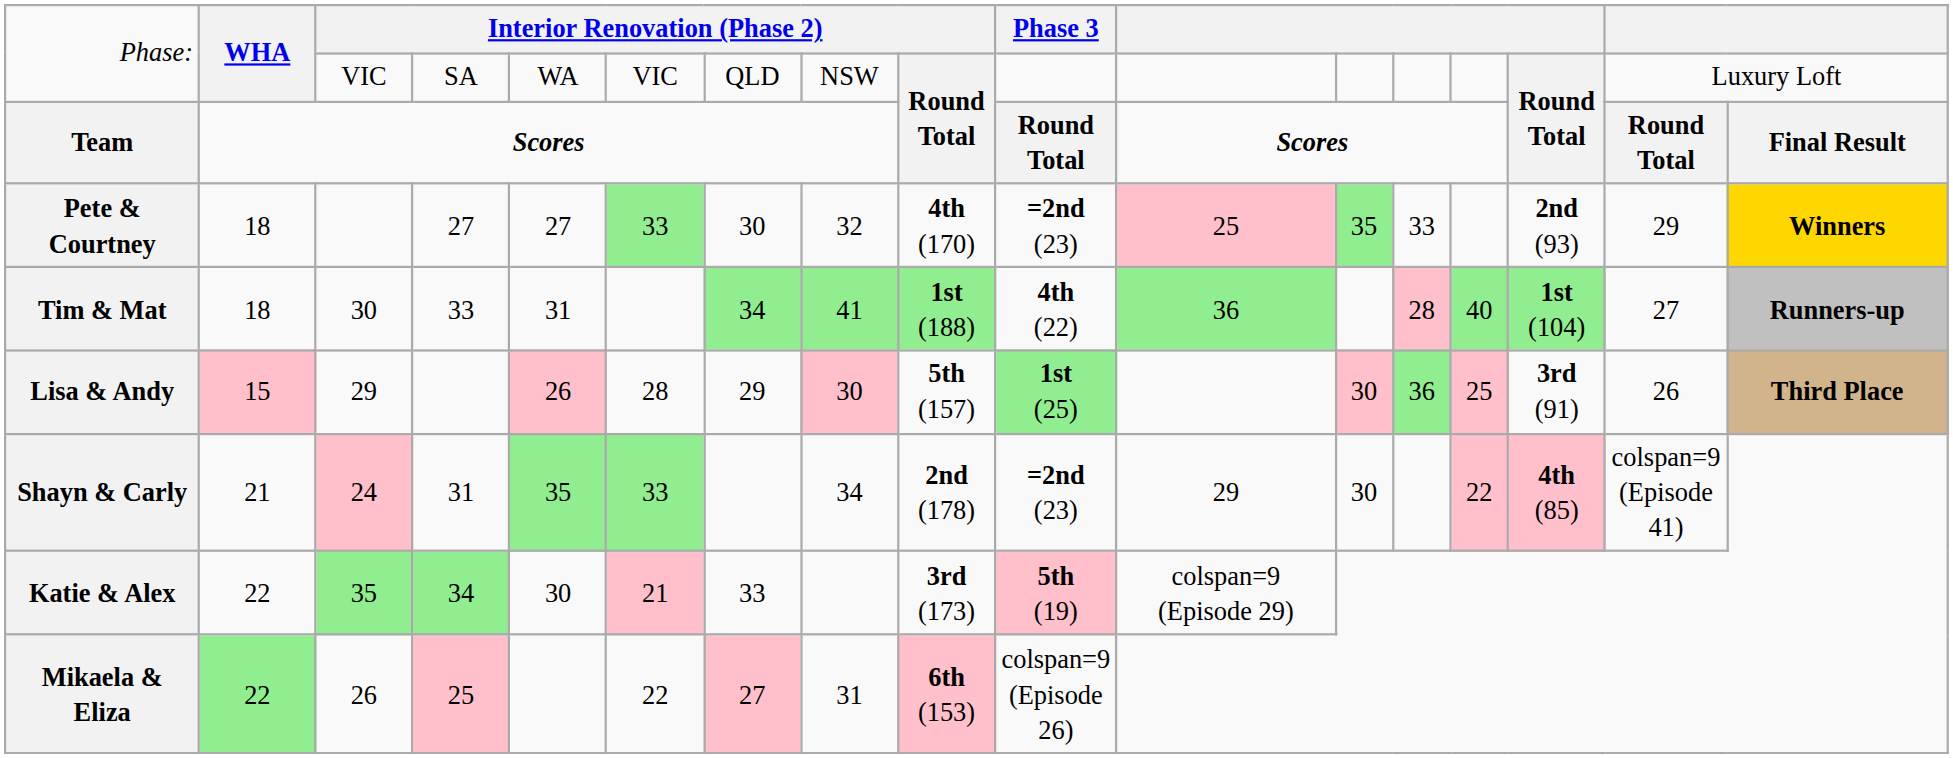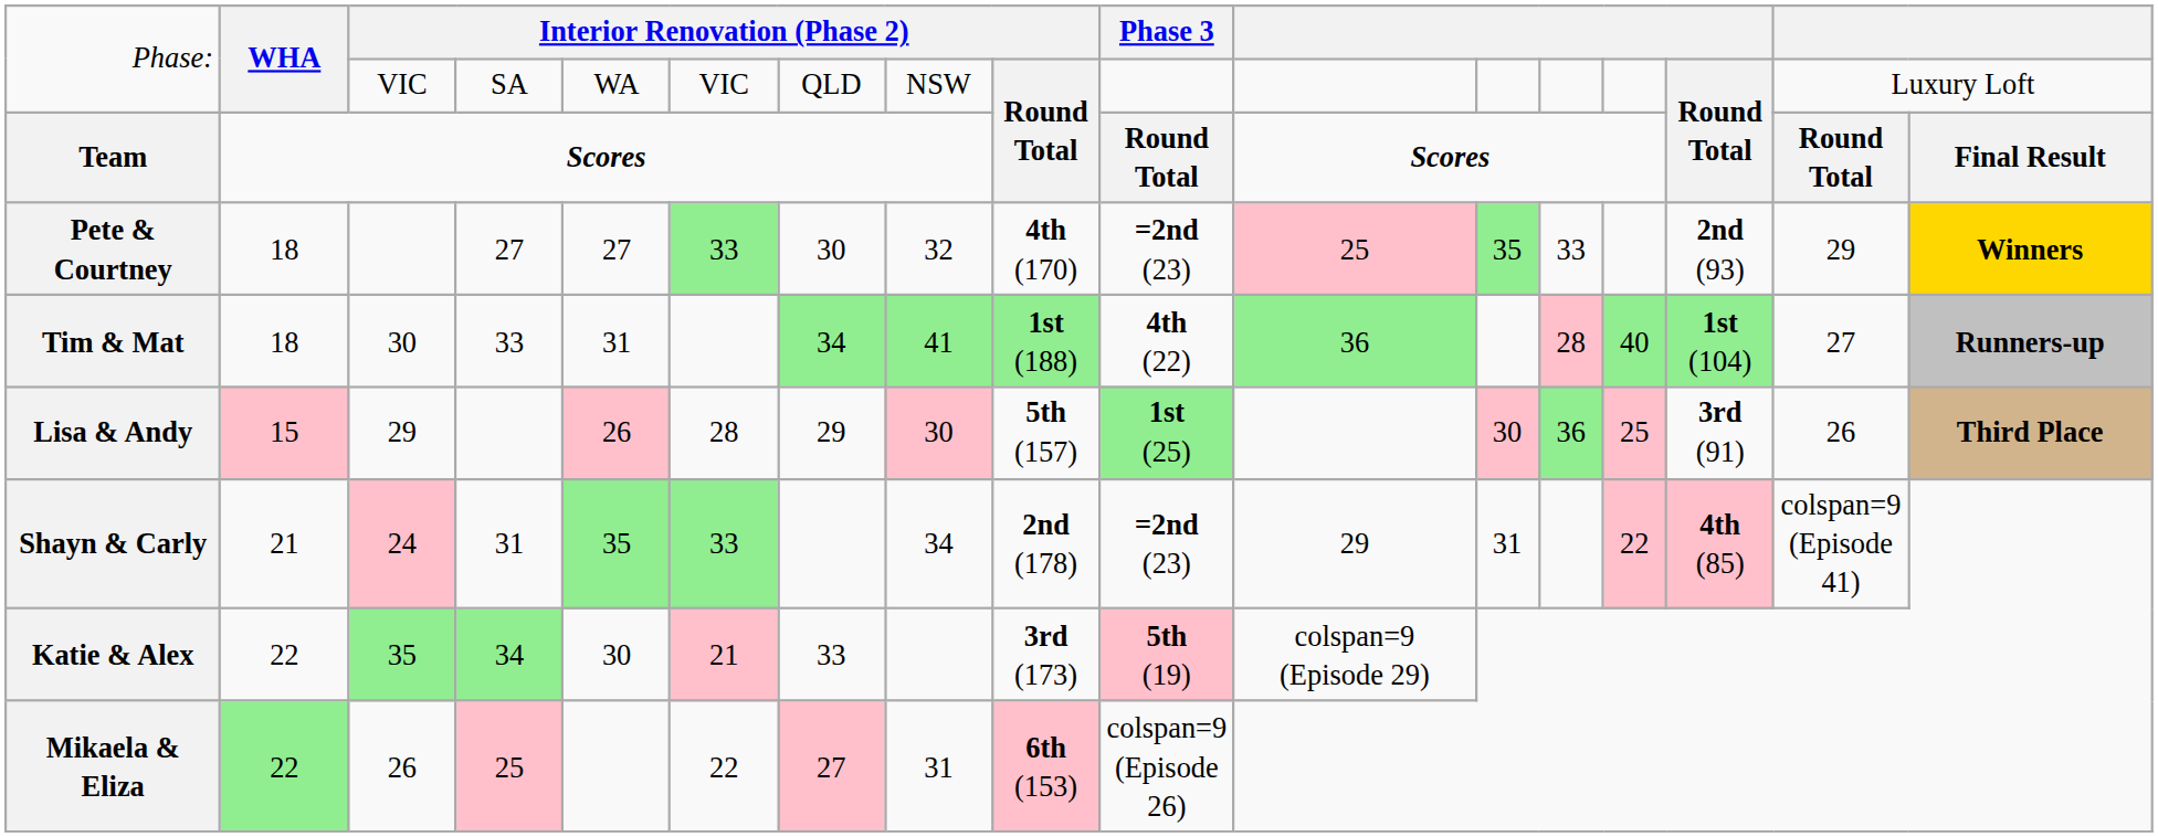 <table class="wikitable" style="text-align: center; font-size: 9pt; line-height:16px; width:100%">
 <tr>
 <td style="width:10%; text-align:right;" rowspan="2"><em>Phase:</em></td>
 <th rowspan="2"><a href='#'>WHA</a></th>
 <th colspan="7"><a href='#'>Interior Renovation (Phase 2)</a></th>
 <th><a href='#'>Phase 3</a></th>
 <th colspan="5"></th>
 <th colspan="2"></th>
 </tr>
 <tr>
 <td style="width:5%;">VIC</td>
 <td style="width:5%;">SA</td>
 <td style="width:5%;">WA</td>
 <td style="width:5%;">VIC</td>
 <td style="width:5%;">QLD</td>
 <td style="width:5%;">NSW</td>
 <th rowspan="2" style="width:5%;">Round Total </th>
 <td style="width:5%;"></td>
 <td></td>
 <td></td>
 <td></td>
 <td></td>
 <th rowspan=2 style="width:5%;">Round Total </th>
 <td colspan="2">Luxury Loft</td>
 </tr>
 <tr>
 <th>Team</th>
 <td colspan="7"><strong><em>Scores</em></strong></td>
 <th style="width:5%;">Round Total </th>
 <td colspan="4"><strong><em>Scores</em></strong></td>
 <th style="width:5%;">Round Total </th>
 <th>Final Result</th>
 </tr>
 <tr>
 <th style="font-size: 9pt">Pete & Courtney</th>
 <td>18</td>
 <td></td>
 <td>27</td>
 <td>27</td>
 <td style="background:lightgreen">33</td>
 <td>30</td>
 <td>32</td>
 <td><strong>4th</strong><br>(170)</td>
 <td><strong>=2nd</strong><br>(23)</td>
 <td style="background:pink">25</td>
 <td style="background:lightgreen">35</td>
 <td>33</td>
 <td></td>
 <td><strong>2nd</strong><br>(93)</td>
 <td>29</td>
 <td style="background:gold"><strong>Winners</strong></td>
 </tr>
 <tr>
 <th style="font-size: 9pt">Tim & Mat</th>
 <td>18</td>
 <td>30</td>
 <td>33</td>
 <td>31</td>
 <td></td>
 <td style="background:lightgreen">34</td>
 <td style="background:lightgreen">41</td>
 <td style="background:lightgreen"><strong>1st</strong><br>(188)</td>
 <td><strong>4th</strong><br>(22)</td>
 <td style="background:lightgreen">36</td>
 <td></td>
 <td style="background:pink">28</td>
 <td style="background:lightgreen">40</td>
 <td style="background:lightgreen"><strong>1st</strong><br>(104)</td>
 <td>27</td>
 <td style="background:silver"><strong>Runners-up</strong></td>
 </tr>
 <tr>
 <th style="font-size: 9pt">Lisa & Andy</th>
 <td style="background:pink">15</td>
 <td>29</td>
 <td></td>
 <td style="background:pink">26</td>
 <td>28</td>
 <td>29</td>
 <td style="background:pink">30</td>
 <td><strong>5th</strong><br>(157)</td>
 <td style="background:lightgreen"><strong>1st</strong><br>(25)</td>
 <td></td>
 <td style="background:pink">30</td>
 <td style="background:lightgreen">36</td>
 <td style="background:pink">25</td>
 <td><strong>3rd</strong><br>(91)</td>
 <td>26</td>
 <td style="background:tan"><strong>Third Place</strong></td>
 </tr>
 <tr>
 <th style="font-size: 9pt">Shayn & Carly</th>
 <td>21</td>
 <td style="background:pink">24</td>
 <td>31</td>
 <td style="background:lightgreen">35</td>
 <td style="background:lightgreen">33</td>
 <td></td>
 <td>34</td>
 <td><strong>2nd</strong><br>(178)</td>
 <td><strong>=2nd</strong><br>(23)</td>
 <td>29</td>
-<td>30</td>
+<td>31</td>
 <td></td>
 <td style="background:pink">22</td>
 <td style="background:pink"><strong>4th</strong><br>(85)</td>
 <td>colspan=9 <br>(Episode 41)</td>
 </tr>
 <tr>
 <th style="font-size: 9pt">Katie & Alex</th>
 <td>22</td>
 <td style="background:lightgreen">35</td>
 <td style="background:lightgreen">34</td>
 <td>30</td>
 <td style="background:pink">21</td>
 <td>33</td>
 <td></td>
 <td><strong>3rd</strong><br>(173)</td>
 <td style="background:pink"><strong>5th</strong><br>(19)</td>
 <td>colspan=9 <br>(Episode 29)</td>
 </tr>
 <tr>
 <th style="font-size: 9pt">Mikaela & Eliza</th>
 <td style="background:lightgreen">22</td>
 <td>26</td>
 <td style="background:pink">25</td>
 <td></td>
 <td>22</td>
 <td style="background:pink">27</td>
 <td>31</td>
 <td style="background:pink"><strong>6th</strong><br>(153)</td>
 <td>colspan=9 <br>(Episode 26)</td>
 </tr>
 </table>
